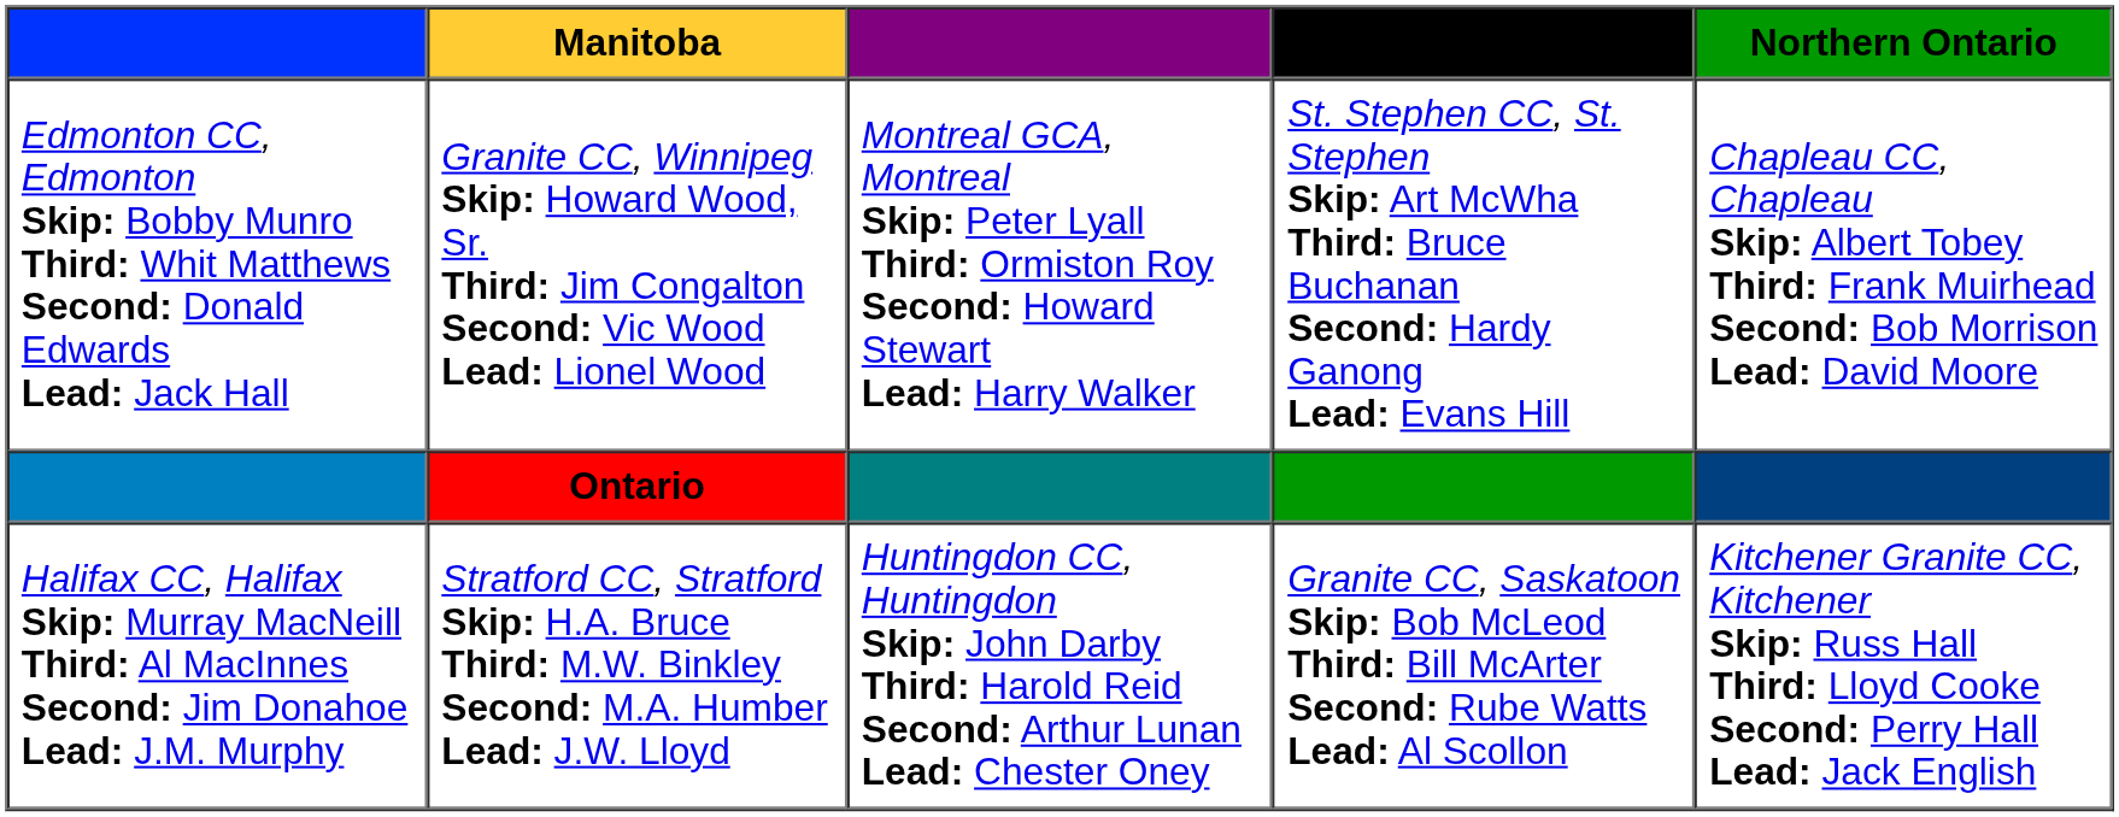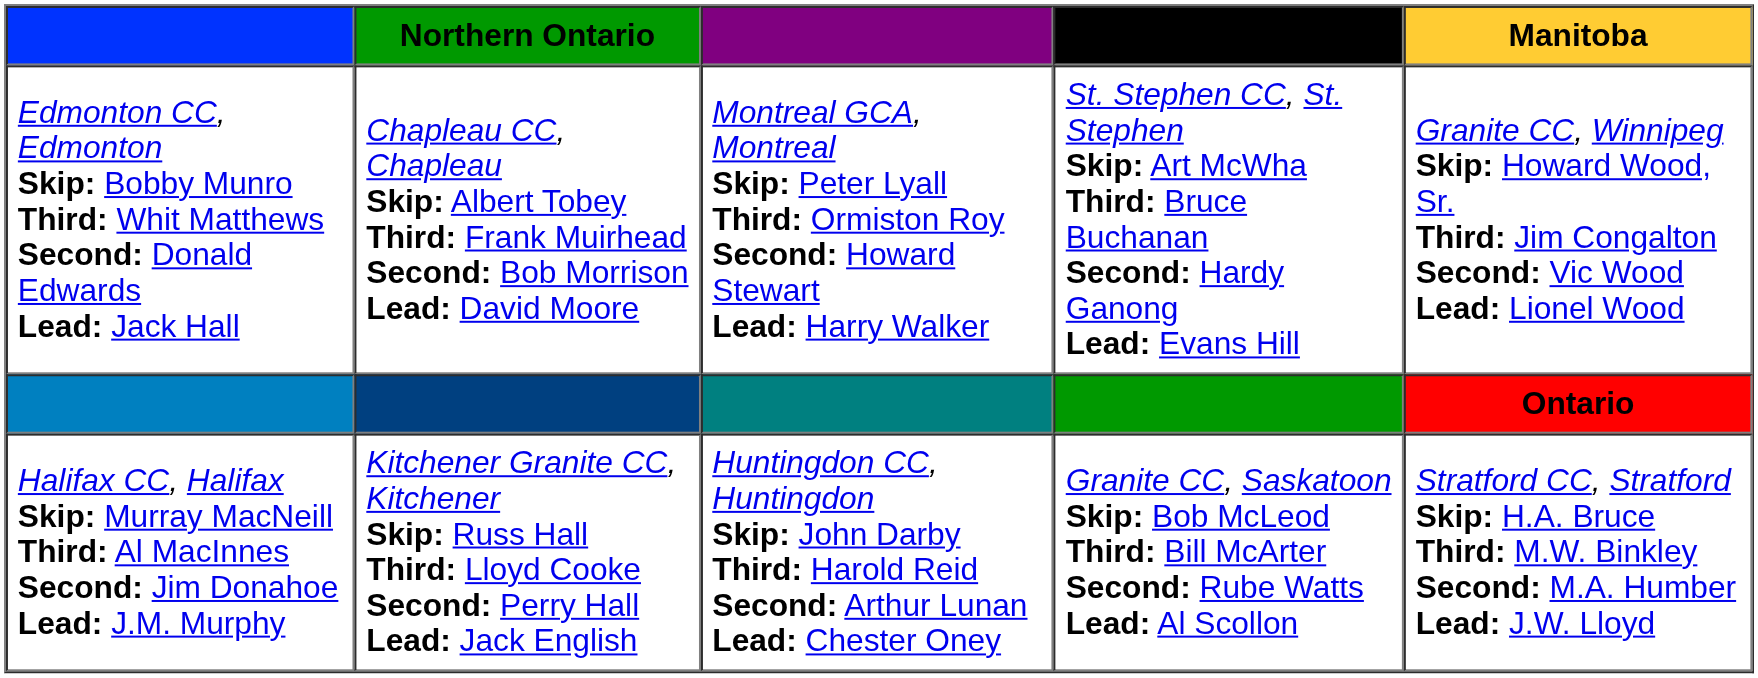 <table - border=1 cellpadding=5 cellspacing=0>
 <tr>
 <th bgcolor=#0033FF width=200></th>
-<th style="background:#FFCC33; width:200px;">Manitoba</th>
+<th style="background:#009900; width:200px;">Northern Ontario</th>
 <th bgcolor=#800080 width=200></th>
 <th bgcolor=#000000 width=200></th>
-<th style="background:#009900; width:200px;">Northern Ontario</th>
+<th style="background:#FFCC33; width:200px;">Manitoba</th>
 </tr>
 <tr>
 <td><em><a href='#'>Edmonton CC</a>, <a href='#'>Edmonton</a></em><br><strong>Skip:</strong> <a href='#'>Bobby Munro</a><br> <strong>Third:</strong> <a href='#'>Whit Matthews</a><br> <strong>Second:</strong> <a href='#'>Donald Edwards</a><br> <strong>Lead:</strong> <a href='#'>Jack Hall</a></td>
-<td><em><a href='#'>Granite CC</a>, <a href='#'>Winnipeg</a></em><br><strong>Skip:</strong> <a href='#'>Howard Wood, Sr.</a><br> <strong>Third:</strong> <a href='#'>Jim Congalton</a><br> <strong>Second:</strong> <a href='#'>Vic Wood</a><br> <strong>Lead:</strong> <a href='#'>Lionel Wood</a></td>
+<td><em><a href='#'>Chapleau CC</a>, <a href='#'>Chapleau</a></em><br><strong>Skip:</strong> <a href='#'>Albert Tobey</a><br> <strong>Third:</strong> <a href='#'>Frank Muirhead</a><br> <strong>Second:</strong> <a href='#'>Bob Morrison</a><br> <strong>Lead:</strong> <a href='#'>David Moore</a></td>
 <td><em><a href='#'>Montreal GCA</a>, <a href='#'>Montreal</a></em><br><strong>Skip:</strong> <a href='#'>Peter Lyall</a><br> <strong>Third:</strong> <a href='#'>Ormiston Roy</a><br> <strong>Second:</strong> <a href='#'>Howard Stewart</a><br> <strong>Lead:</strong> <a href='#'>Harry Walker</a></td>
 <td><em><a href='#'>St. Stephen CC</a>, <a href='#'>St. Stephen</a></em><br><strong>Skip:</strong> <a href='#'>Art McWha</a><br> <strong>Third:</strong> <a href='#'>Bruce Buchanan</a><br> <strong>Second:</strong> <a href='#'>Hardy Ganong</a><br> <strong>Lead:</strong> <a href='#'>Evans Hill</a></td>
-<td><em><a href='#'>Chapleau CC</a>, <a href='#'>Chapleau</a></em><br><strong>Skip:</strong> <a href='#'>Albert Tobey</a><br> <strong>Third:</strong> <a href='#'>Frank Muirhead</a><br> <strong>Second:</strong> <a href='#'>Bob Morrison</a><br> <strong>Lead:</strong> <a href='#'>David Moore</a></td>
+<td><em><a href='#'>Granite CC</a>, <a href='#'>Winnipeg</a></em><br><strong>Skip:</strong> <a href='#'>Howard Wood, Sr.</a><br> <strong>Third:</strong> <a href='#'>Jim Congalton</a><br> <strong>Second:</strong> <a href='#'>Vic Wood</a><br> <strong>Lead:</strong> <a href='#'>Lionel Wood</a></td>
 </tr>
 <tr border=1 cellpadding=5 cellspacing=0>
 <th bgcolor=#0080C0 width=200></th>
-<th bgcolor=#FF0000 width=200>Ontario</th>
+<th bgcolor=#004080 width=200></th>
 <th style="background:#008080; width:200px;"></th>
 <th bgcolor=#009900 width=200></th>
-<th bgcolor=#004080 width=200></th>
+<th bgcolor=#FF0000 width=200>Ontario</th>
 </tr>
 <tr>
 <td><em><a href='#'>Halifax CC</a>, <a href='#'>Halifax</a></em><br><strong>Skip:</strong> <a href='#'>Murray MacNeill</a><br> <strong>Third:</strong> <a href='#'>Al MacInnes</a><br> <strong>Second:</strong> <a href='#'>Jim Donahoe</a><br> <strong>Lead:</strong> <a href='#'>J.M. Murphy</a></td>
-<td><em><a href='#'>Stratford CC</a>, <a href='#'>Stratford</a></em><br><strong>Skip:</strong> <a href='#'>H.A. Bruce</a><br> <strong>Third:</strong> <a href='#'>M.W. Binkley</a><br> <strong>Second:</strong> <a href='#'>M.A. Humber</a><br> <strong>Lead:</strong> <a href='#'>J.W. Lloyd</a></td>
+<td><em><a href='#'>Kitchener Granite CC</a>, <a href='#'>Kitchener</a></em><br><strong>Skip:</strong> <a href='#'>Russ Hall</a><br> <strong>Third:</strong> <a href='#'>Lloyd Cooke</a><br> <strong>Second:</strong> <a href='#'>Perry Hall</a><br> <strong>Lead:</strong> <a href='#'>Jack English</a></td>
 <td><em><a href='#'>Huntingdon CC</a>, <a href='#'>Huntingdon</a></em><br><strong>Skip:</strong> <a href='#'>John Darby</a><br> <strong>Third:</strong> <a href='#'>Harold Reid</a><br> <strong>Second:</strong> <a href='#'>Arthur Lunan</a><br> <strong>Lead:</strong> <a href='#'>Chester Oney</a></td>
 <td><em><a href='#'>Granite CC</a>, <a href='#'>Saskatoon</a></em><br><strong>Skip:</strong> <a href='#'>Bob McLeod</a><br> <strong>Third:</strong> <a href='#'>Bill McArter</a><br> <strong>Second:</strong> <a href='#'>Rube Watts</a><br> <strong>Lead:</strong> <a href='#'>Al Scollon</a></td>
-<td><em><a href='#'>Kitchener Granite CC</a>, <a href='#'>Kitchener</a></em><br><strong>Skip:</strong> <a href='#'>Russ Hall</a><br> <strong>Third:</strong> <a href='#'>Lloyd Cooke</a><br> <strong>Second:</strong> <a href='#'>Perry Hall</a><br> <strong>Lead:</strong> <a href='#'>Jack English</a></td>
+<td><em><a href='#'>Stratford CC</a>, <a href='#'>Stratford</a></em><br><strong>Skip:</strong> <a href='#'>H.A. Bruce</a><br> <strong>Third:</strong> <a href='#'>M.W. Binkley</a><br> <strong>Second:</strong> <a href='#'>M.A. Humber</a><br> <strong>Lead:</strong> <a href='#'>J.W. Lloyd</a></td>
 </tr>
 </table>
